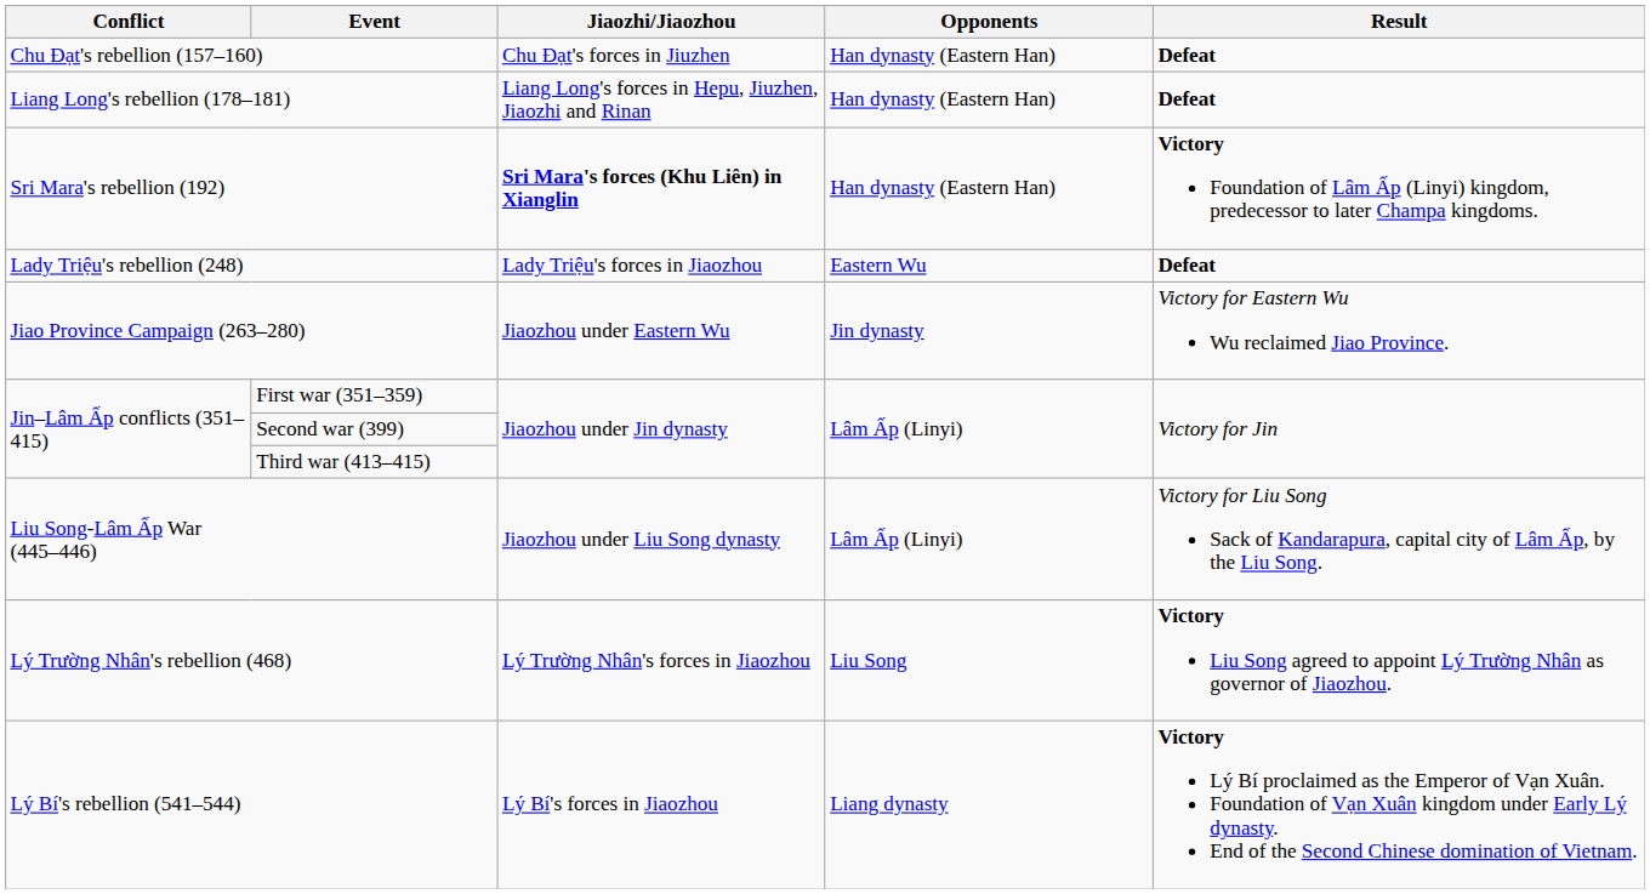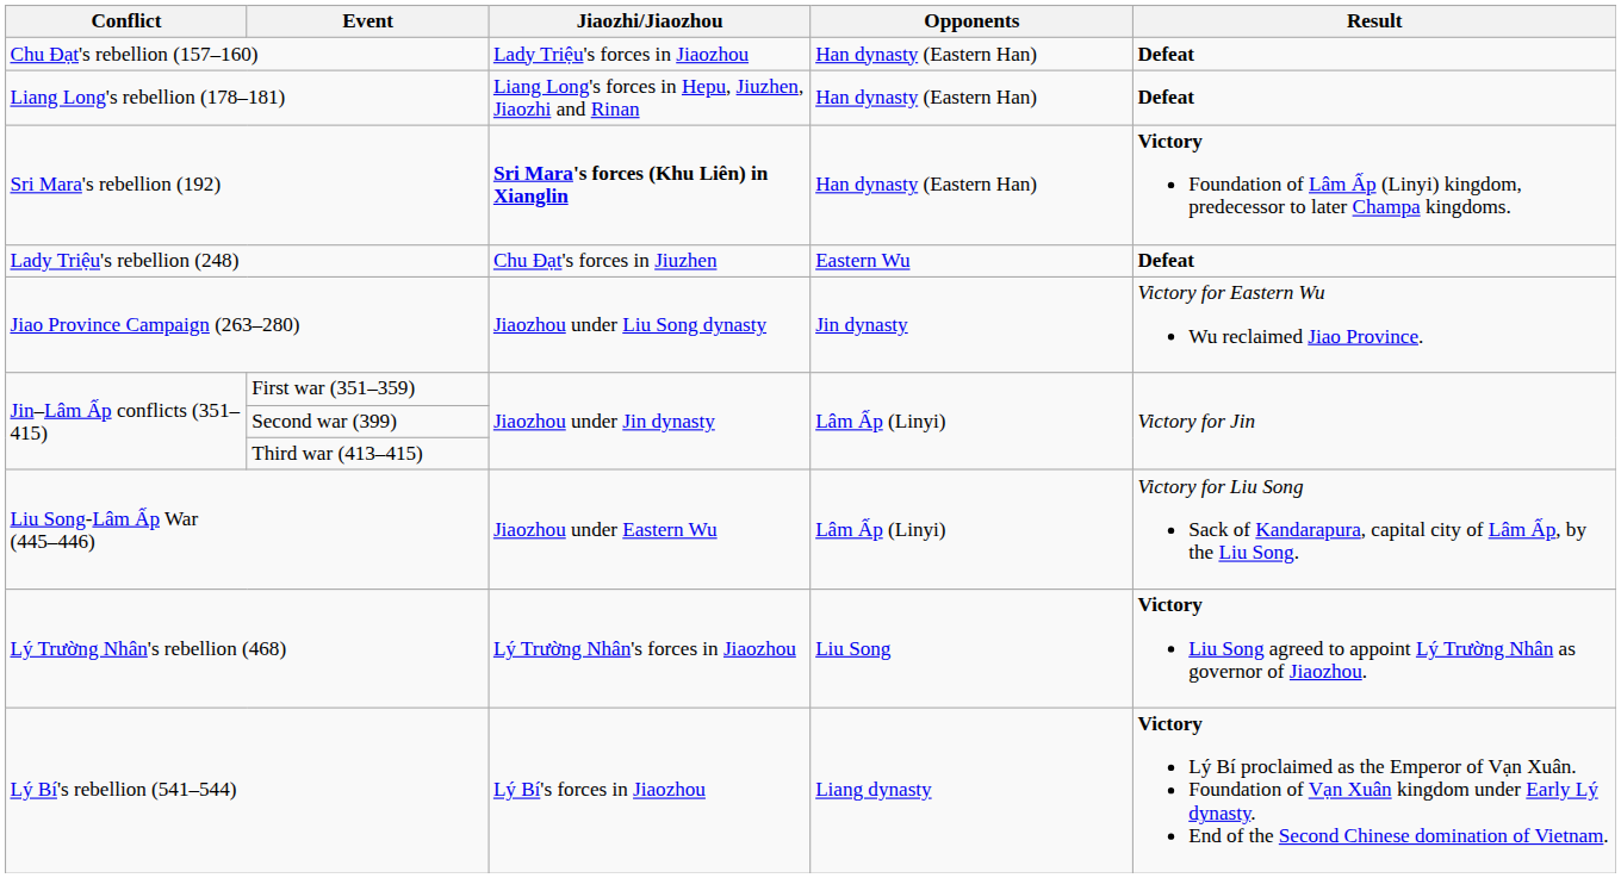 <table class="wikitable" width="100%">
 <tr>
 <th width="15%">Conflict</th>
 <th width="15%">Event</th>
 <th width="20%">Jiaozhi/Jiaozhou</th>
 <th width="20%">Opponents</th>
 <th width="30%">Result</th>
 </tr>
 <tr>
 <td colspan = "2"><a href='#'>Chu Đạt</a>'s rebellion (157–160)</td>
-<td><a href='#'>Chu Đạt</a>'s forces in <a href='#'>Jiuzhen</a></td>
+<td><a href='#'>Lady Triệu</a>'s forces in <a href='#'>Jiaozhou</a></td>
 <td><a href='#'>Han dynasty</a> (Eastern Han)</td>
 <td><strong>Defeat</strong></td>
 </tr>
 <tr>
 <td colspan = "2"><a href='#'>Liang Long</a>'s rebellion (178–181)</td>
 <td><a href='#'>Liang Long</a>'s forces in <a href='#'>Hepu</a>, <a href='#'>Jiuzhen</a>, <a href='#'>Jiaozhi</a> and <a href='#'>Rinan</a></td>
 <td><a href='#'>Han dynasty</a> (Eastern Han)</td>
 <td><strong>Defeat</strong></td>
 </tr>
 <tr>
 <td colspan = "2"><a href='#'>Sri Mara</a>'s rebellion (192)</td>
 <td><strong><a href='#'>Sri Mara</a>'s forces (Khu Liên) in <a href='#'>Xianglin</a></strong></td>
 <td><a href='#'>Han dynasty</a> (Eastern Han)</td>
 <td><strong>Victory</strong><br><ul><li>Foundation of <a href='#'>Lâm Ấp</a> (Linyi) kingdom, predecessor to later <a href='#'>Champa</a> kingdoms.</li></ul></td>
 </tr>
 <tr>
 <td colspan = "2"><a href='#'>Lady Triệu</a>'s rebellion (248)</td>
-<td><a href='#'>Lady Triệu</a>'s forces in <a href='#'>Jiaozhou</a></td>
+<td><a href='#'>Chu Đạt</a>'s forces in <a href='#'>Jiuzhen</a></td>
 <td><a href='#'>Eastern Wu</a></td>
 <td><strong>Defeat</strong></td>
 </tr>
 <tr>
 <td colspan = "2"><a href='#'>Jiao Province Campaign</a> (263–280)</td>
-<td><a href='#'>Jiaozhou</a> under <a href='#'>Eastern Wu</a></td>
+<td><a href='#'>Jiaozhou</a> under <a href='#'>Liu Song dynasty</a></td>
 <td><a href='#'>Jin dynasty</a></td>
 <td><em>Victory for Eastern Wu</em><br><ul><li>Wu reclaimed <a href='#'>Jiao Province</a>.</li></ul></td>
 </tr>
 <tr>
 <td rowspan = "3"><a href='#'>Jin</a>–<a href='#'>Lâm Ấp</a> conflicts (351–415)</td>
 <td>First war (351–359)</td>
 <td rowspan = "3"><a href='#'>Jiaozhou</a> under <a href='#'>Jin dynasty</a></td>
 <td rowspan = "3"><a href='#'>Lâm Ấp</a> (Linyi)</td>
 <td rowspan = "3"><em>Victory for Jin</em></td>
 </tr>
 <tr>
 <td>Second war (399)</td>
 </tr>
 <tr>
 <td>Third war (413–415)</td>
 </tr>
 <tr>
 <td colspan = "2"><a href='#'>Liu Song</a>-<a href='#'>Lâm Ấp</a> War<br>(445–446)</td>
-<td><a href='#'>Jiaozhou</a> under <a href='#'>Liu Song dynasty</a></td>
+<td><a href='#'>Jiaozhou</a> under <a href='#'>Eastern Wu</a></td>
 <td><a href='#'>Lâm Ấp</a> (Linyi)</td>
 <td><em>Victory for Liu Song</em><br><ul><li>Sack of <a href='#'>Kandarapura</a>, capital city of <a href='#'>Lâm Ấp</a>, by the <a href='#'>Liu Song</a>.</li></ul></td>
 </tr>
 <tr>
 <td colspan = "2"><a href='#'>Lý Trường Nhân</a>'s rebellion (468)</td>
 <td><a href='#'>Lý Trường Nhân</a>'s forces in <a href='#'>Jiaozhou</a></td>
 <td><a href='#'>Liu Song</a></td>
 <td><strong>Victory</strong><br><ul><li><a href='#'>Liu Song</a> agreed to appoint <a href='#'>Lý Trường Nhân</a> as governor of <a href='#'>Jiaozhou</a>.</li></ul></td>
 </tr>
 <tr>
 <td colspan = "2"><a href='#'>Lý Bí</a>'s rebellion (541–544)</td>
 <td><a href='#'>Lý Bí</a>'s forces in <a href='#'>Jiaozhou</a></td>
 <td><a href='#'>Liang dynasty</a></td>
 <td><strong>Victory</strong><br><ul><li>Lý Bí proclaimed as the Emperor of Vạn Xuân.</li><li>Foundation of <a href='#'>Vạn Xuân</a> kingdom under <a href='#'>Early Lý dynasty</a>.</li><li>End of the <a href='#'>Second Chinese domination of Vietnam</a>.</li></ul></td>
 </tr>
 </table>
